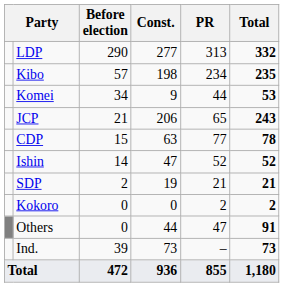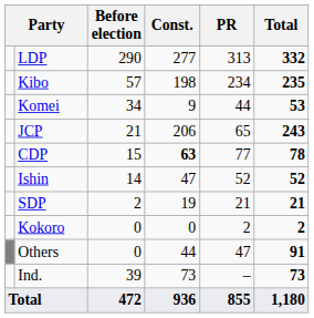 <table class="wikitable sortable" style=text-align:right>
 <tr style:align="center";>
 <th width=80px colspan=2>Party</th>
 <th width=50px>Before election</th>
 <th width=50px>Const.</th>
 <th width=50px>PR</th>
 <th width=50px>Total</th>
 </tr>
 <tr>
 <td></td>
 <td align=left><a href='#'>LDP</a></td>
 <td>290</td>
 <td>277</td>
 <td>313</td>
 <td><strong>332</strong></td>
 </tr>
 <tr>
 <td></td>
 <td align=left><a href='#'>Kibo</a></td>
 <td>57</td>
 <td>198</td>
 <td>234</td>
 <td><strong>235</strong></td>
 </tr>
 <tr>
 <td></td>
 <td align=left><a href='#'>Komei</a></td>
 <td>34</td>
 <td>9</td>
 <td>44</td>
 <td><strong>53</strong></td>
 </tr>
 <tr>
 <td></td>
 <td align=left><a href='#'>JCP</a></td>
 <td>21</td>
 <td>206</td>
 <td>65</td>
 <td><strong>243</strong></td>
 </tr>
 <tr>
 <td></td>
 <td align=left><a href='#'>CDP</a></td>
 <td>15</td>
-<td>63</td>
+<td><strong>63</strong></td>
 <td>77</td>
 <td><strong>78</strong></td>
 </tr>
 <tr>
 <td></td>
 <td align=left><a href='#'>Ishin</a></td>
 <td>14</td>
 <td>47</td>
 <td>52</td>
 <td><strong>52</strong></td>
 </tr>
 <tr>
 <td></td>
 <td align=left><a href='#'>SDP</a></td>
 <td>2</td>
 <td>19</td>
 <td>21</td>
 <td><strong>21</strong></td>
 </tr>
 <tr>
 <td></td>
 <td align=left><a href='#'>Kokoro</a></td>
 <td>0</td>
 <td>0</td>
 <td>2</td>
 <td><strong>2</strong></td>
 </tr>
 <tr>
 <td bgcolor="gray"></td>
 <td align=left>Others</td>
 <td>0</td>
 <td>44</td>
 <td>47</td>
 <td><strong>91</strong></td>
 </tr>
 <tr>
 <td></td>
 <td align=left>Ind.</td>
 <td>39</td>
 <td>73</td>
 <td>–</td>
 <td><strong>73</strong></td>
 </tr>
 <tr bgcolor=#EAECF0>
 <td colspan=2 align=left><strong>Total</strong></td>
 <td><strong>472</strong></td>
 <td><strong>936</strong></td>
 <td><strong>855</strong></td>
 <td><strong>1,180</strong></td>
 </tr>
 </table>
